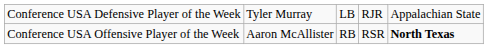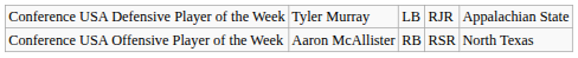 <table class="wikitable">
 <tr>
 <td>Conference USA Defensive Player of the Week</td>
 <td>Tyler Murray</td>
 <td>LB</td>
 <td>RJR</td>
 <td>Appalachian State</td>
 </tr>
 <tr>
 <td>Conference USA Offensive Player of the Week</td>
 <td>Aaron McAllister</td>
 <td>RB</td>
 <td>RSR</td>
-<td><strong>North Texas</strong></td>
+<td>North Texas</td>
 </tr>
 </table>
